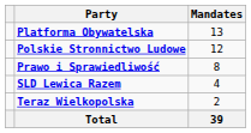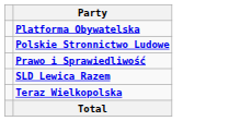 <table class="wikitable">
 <tr>
 <th width=5></th>
 <th>Party</th>
-<th>Mandates</th>
 </tr>
 <tr>
 <td style="background:"></td>
 <td><strong><a href='#'>Platforma Obywatelska</a></strong></td>
-<td align="center">13</td>
 </tr>
 <tr>
 <td style="background:"></td>
 <td><strong><a href='#'>Polskie Stronnictwo Ludowe</a></strong></td>
-<td align="center">12</td>
 </tr>
 <tr>
 <td style="background:"></td>
 <td><strong><a href='#'>Prawo i Sprawiedliwość</a></strong></td>
-<td align="center">8</td>
 </tr>
 <tr>
 <td style="background:"></td>
 <td><strong><a href='#'>SLD Lewica Razem</a></strong></td>
-<td align="center">4</td>
 </tr>
 <tr>
 <td style="background:"></td>
 <td><strong><a href='#'>Teraz Wielkopolska</a></strong></td>
-<td align="center">2</td>
 </tr>
 <tr bgcolor="#ececec">
 <th></th>
 <th>Total</th>
-<th align="center">39</th>
 </tr>
 </table>
